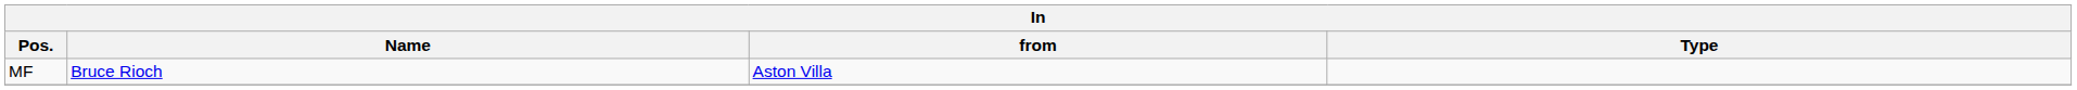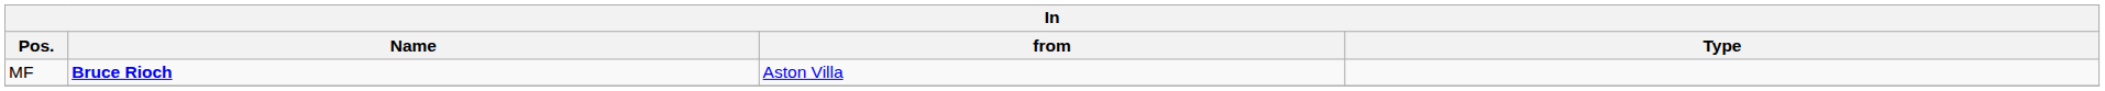 <table class="wikitable" style="font-size:100%;width:99%;">
 <tr>
 <th colspan="4">In</th>
 </tr>
 <tr>
 <th width=3%>Pos.</th>
 <th width=33%>Name</th>
 <th width=28%>from</th>
 <th width=36%>Type</th>
 </tr>
 <tr>
 <td>MF</td>
-<td><a href='#'>Bruce Rioch</a></td>
+<td><strong><a href='#'>Bruce Rioch</a></strong></td>
 <td><a href='#'>Aston Villa</a></td>
 <td></td>
 </tr>
 <tr>
 </tr>
 </table>
